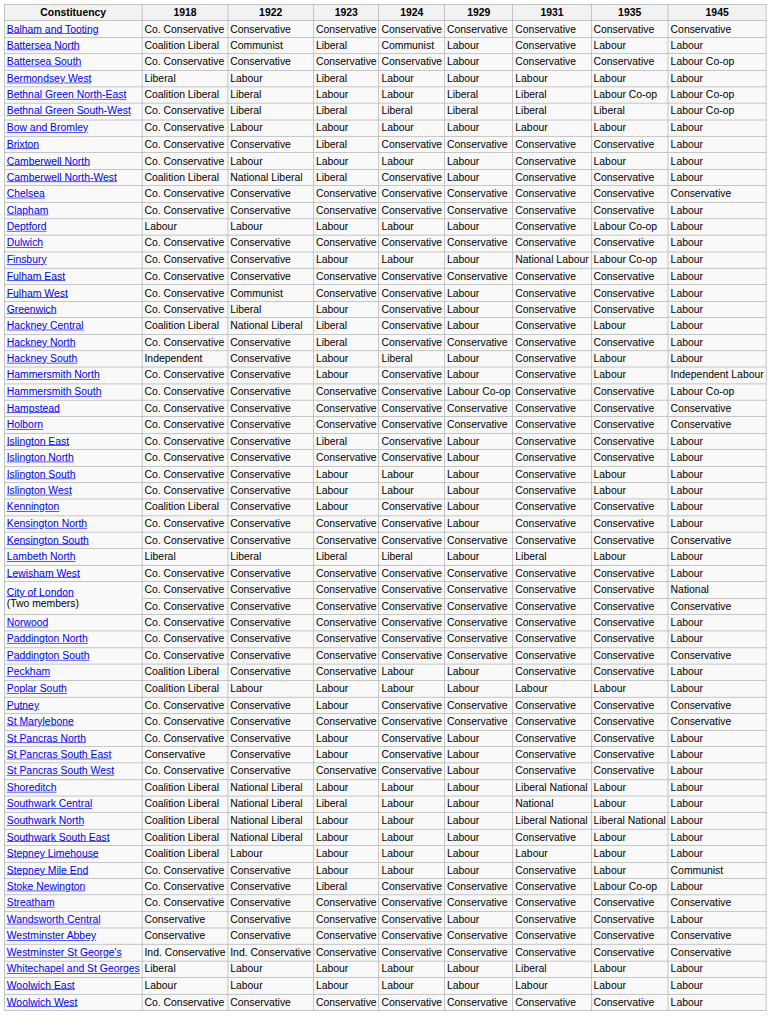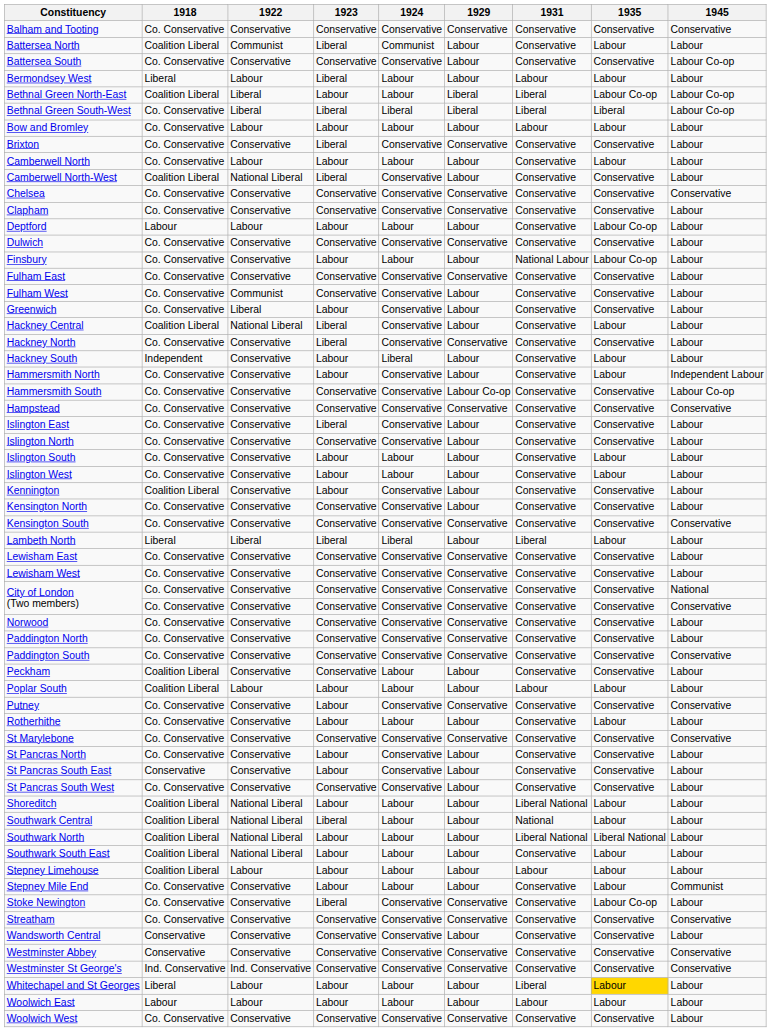 <table class="wikitable sortable">
 <tr>
 <th>Constituency</th>
 <th>1918</th>
 <th>1922</th>
 <th>1923</th>
 <th>1924</th>
 <th>1929</th>
 <th>1931</th>
 <th>1935</th>
 <th>1945</th>
 </tr>
 <tr>
 <td><a href='#'>Balham and Tooting</a></td>
 <td bgcolor=>Co. Conservative</td>
 <td bgcolor=>Conservative</td>
 <td bgcolor=>Conservative</td>
 <td bgcolor=>Conservative</td>
 <td bgcolor=>Conservative</td>
 <td bgcolor=>Conservative</td>
 <td bgcolor=>Conservative</td>
 <td bgcolor=>Conservative</td>
 </tr>
 <tr>
 <td><a href='#'>Battersea North</a></td>
 <td bgcolor=>Coalition Liberal</td>
 <td bgcolor=>Communist</td>
 <td bgcolor=>Liberal</td>
 <td bgcolor=>Communist</td>
 <td bgcolor=>Labour</td>
 <td bgcolor=>Conservative</td>
 <td bgcolor=>Labour</td>
 <td bgcolor=>Labour</td>
 </tr>
 <tr>
 <td><a href='#'>Battersea South</a></td>
 <td bgcolor=>Co. Conservative</td>
 <td bgcolor=>Conservative</td>
 <td bgcolor=>Conservative</td>
 <td bgcolor=>Conservative</td>
 <td bgcolor=>Labour</td>
 <td bgcolor=>Conservative</td>
 <td bgcolor=>Conservative</td>
 <td bgcolor=>Labour Co-op</td>
 </tr>
 <tr>
 <td><a href='#'>Bermondsey West</a></td>
 <td bgcolor=>Liberal</td>
 <td bgcolor=>Labour</td>
 <td bgcolor=>Liberal</td>
 <td bgcolor=>Labour</td>
 <td bgcolor=>Labour</td>
 <td bgcolor=>Labour</td>
 <td bgcolor=>Labour</td>
 <td bgcolor=>Labour</td>
 </tr>
 <tr>
 <td><a href='#'>Bethnal Green North-East</a></td>
 <td bgcolor=>Coalition Liberal</td>
 <td bgcolor=>Liberal</td>
 <td bgcolor=>Labour</td>
 <td bgcolor=>Labour</td>
 <td bgcolor=>Liberal</td>
 <td bgcolor=>Liberal</td>
 <td bgcolor=>Labour Co-op</td>
 <td bgcolor=>Labour Co-op</td>
 </tr>
 <tr>
 <td><a href='#'>Bethnal Green South-West</a></td>
 <td bgcolor=>Co. Conservative</td>
 <td bgcolor=>Liberal</td>
 <td bgcolor=>Liberal</td>
 <td bgcolor=>Liberal</td>
 <td bgcolor=>Liberal</td>
 <td bgcolor=>Liberal</td>
 <td bgcolor=>Liberal</td>
 <td bgcolor=>Labour Co-op</td>
 </tr>
 <tr>
 <td><a href='#'>Bow and Bromley</a></td>
 <td bgcolor=>Co. Conservative</td>
 <td bgcolor=>Labour</td>
 <td bgcolor=>Labour</td>
 <td bgcolor=>Labour</td>
 <td bgcolor=>Labour</td>
 <td bgcolor=>Labour</td>
 <td bgcolor=>Labour</td>
 <td bgcolor=>Labour</td>
 </tr>
 <tr>
 <td><a href='#'>Brixton</a></td>
 <td bgcolor=>Co. Conservative</td>
 <td bgcolor=>Conservative</td>
 <td bgcolor=>Liberal</td>
 <td bgcolor=>Conservative</td>
 <td bgcolor=>Conservative</td>
 <td bgcolor=>Conservative</td>
 <td bgcolor=>Conservative</td>
 <td bgcolor=>Labour</td>
 </tr>
 <tr>
 <td><a href='#'>Camberwell North</a></td>
 <td bgcolor=>Co. Conservative</td>
 <td bgcolor=>Labour</td>
 <td bgcolor=>Labour</td>
 <td bgcolor=>Labour</td>
 <td bgcolor=>Labour</td>
 <td bgcolor=>Conservative</td>
 <td bgcolor=>Labour</td>
 <td bgcolor=>Labour</td>
 </tr>
 <tr>
 <td><a href='#'>Camberwell North-West</a></td>
 <td bgcolor=>Coalition Liberal</td>
 <td bgcolor=>National Liberal</td>
 <td bgcolor=>Liberal</td>
 <td bgcolor=>Conservative</td>
 <td bgcolor=>Labour</td>
 <td bgcolor=>Conservative</td>
 <td bgcolor=>Conservative</td>
 <td bgcolor=>Labour</td>
 </tr>
 <tr>
 <td><a href='#'>Chelsea</a></td>
 <td bgcolor=>Co. Conservative</td>
 <td bgcolor=>Conservative</td>
 <td bgcolor=>Conservative</td>
 <td bgcolor=>Conservative</td>
 <td bgcolor=>Conservative</td>
 <td bgcolor=>Conservative</td>
 <td bgcolor=>Conservative</td>
 <td bgcolor=>Conservative</td>
 </tr>
 <tr>
 <td><a href='#'>Clapham</a></td>
 <td bgcolor=>Co. Conservative</td>
 <td bgcolor=>Conservative</td>
 <td bgcolor=>Conservative</td>
 <td bgcolor=>Conservative</td>
 <td bgcolor=>Conservative</td>
 <td bgcolor=>Conservative</td>
 <td bgcolor=>Conservative</td>
 <td bgcolor=>Labour</td>
 </tr>
 <tr>
 <td><a href='#'>Deptford</a></td>
 <td bgcolor=>Labour</td>
 <td bgcolor=>Labour</td>
 <td bgcolor=>Labour</td>
 <td bgcolor=>Labour</td>
 <td bgcolor=>Labour</td>
 <td bgcolor=>Conservative</td>
 <td bgcolor=>Labour Co-op</td>
 <td bgcolor=>Labour</td>
 </tr>
 <tr>
 <td><a href='#'>Dulwich</a></td>
 <td bgcolor=>Co. Conservative</td>
 <td bgcolor=>Conservative</td>
 <td bgcolor=>Conservative</td>
 <td bgcolor=>Conservative</td>
 <td bgcolor=>Conservative</td>
 <td bgcolor=>Conservative</td>
 <td bgcolor=>Conservative</td>
 <td bgcolor=>Labour</td>
 </tr>
 <tr>
 <td><a href='#'>Finsbury</a></td>
 <td bgcolor=>Co. Conservative</td>
 <td bgcolor=>Conservative</td>
 <td bgcolor=>Labour</td>
 <td bgcolor=>Labour</td>
 <td bgcolor=>Labour</td>
 <td bgcolor=>National Labour</td>
 <td bgcolor=>Labour Co-op</td>
 <td bgcolor=>Labour</td>
 </tr>
 <tr>
 <td><a href='#'>Fulham East</a></td>
 <td bgcolor=>Co. Conservative</td>
 <td bgcolor=>Conservative</td>
 <td bgcolor=>Conservative</td>
 <td bgcolor=>Conservative</td>
 <td bgcolor=>Conservative</td>
 <td bgcolor=>Conservative</td>
 <td bgcolor=>Conservative</td>
 <td bgcolor=>Labour</td>
 </tr>
 <tr>
 <td><a href='#'>Fulham West</a></td>
 <td bgcolor=>Co. Conservative</td>
 <td bgcolor=>Communist</td>
 <td bgcolor=>Conservative</td>
 <td bgcolor=>Conservative</td>
 <td bgcolor=>Labour</td>
 <td bgcolor=>Conservative</td>
 <td bgcolor=>Conservative</td>
 <td bgcolor=>Labour</td>
 </tr>
 <tr>
 <td><a href='#'>Greenwich</a></td>
 <td bgcolor=>Co. Conservative</td>
 <td bgcolor=>Liberal</td>
 <td bgcolor=>Labour</td>
 <td bgcolor=>Conservative</td>
 <td bgcolor=>Labour</td>
 <td bgcolor=>Conservative</td>
 <td bgcolor=>Conservative</td>
 <td bgcolor=>Labour</td>
 </tr>
 <tr>
 <td><a href='#'>Hackney Central</a></td>
 <td bgcolor=>Coalition Liberal</td>
 <td bgcolor=>National Liberal</td>
 <td bgcolor=>Liberal</td>
 <td bgcolor=>Conservative</td>
 <td bgcolor=>Labour</td>
 <td bgcolor=>Conservative</td>
 <td bgcolor=>Labour</td>
 <td bgcolor=>Labour</td>
 </tr>
 <tr>
 <td><a href='#'>Hackney North</a></td>
 <td bgcolor=>Co. Conservative</td>
 <td bgcolor=>Conservative</td>
 <td bgcolor=>Liberal</td>
 <td bgcolor=>Conservative</td>
 <td bgcolor=>Conservative</td>
 <td bgcolor=>Conservative</td>
 <td bgcolor=>Conservative</td>
 <td bgcolor=>Labour</td>
 </tr>
 <tr>
 <td><a href='#'>Hackney South</a></td>
 <td bgcolor=>Independent</td>
 <td bgcolor=>Conservative</td>
 <td bgcolor=>Labour</td>
 <td bgcolor=>Liberal</td>
 <td bgcolor=>Labour</td>
 <td bgcolor=>Conservative</td>
 <td bgcolor=>Labour</td>
 <td bgcolor=>Labour</td>
 </tr>
 <tr>
 <td><a href='#'>Hammersmith North</a></td>
 <td bgcolor=>Co. Conservative</td>
 <td bgcolor=>Conservative</td>
 <td bgcolor=>Labour</td>
 <td bgcolor=>Conservative</td>
 <td bgcolor=>Labour</td>
 <td bgcolor=>Conservative</td>
 <td bgcolor=>Labour</td>
 <td bgcolor=>Independent Labour</td>
 </tr>
 <tr>
 <td><a href='#'>Hammersmith South</a></td>
 <td bgcolor=>Co. Conservative</td>
 <td bgcolor=>Conservative</td>
 <td bgcolor=>Conservative</td>
 <td bgcolor=>Conservative</td>
 <td bgcolor=>Labour Co-op</td>
 <td bgcolor=>Conservative</td>
 <td bgcolor=>Conservative</td>
 <td bgcolor=>Labour Co-op</td>
 </tr>
 <tr>
 <td><a href='#'>Hampstead</a></td>
 <td bgcolor=>Co. Conservative</td>
 <td bgcolor=>Conservative</td>
 <td bgcolor=>Conservative</td>
 <td bgcolor=>Conservative</td>
 <td bgcolor=>Conservative</td>
 <td bgcolor=>Conservative</td>
 <td bgcolor=>Conservative</td>
 <td bgcolor=>Conservative</td>
 </tr>
 <tr>
-<td><a href='#'>Holborn</a></td>
-<td bgcolor=>Co. Conservative</td>
-<td bgcolor=>Conservative</td>
-<td bgcolor=>Conservative</td>
-<td bgcolor=>Conservative</td>
-<td bgcolor=>Conservative</td>
-<td bgcolor=>Conservative</td>
-<td bgcolor=>Conservative</td>
-<td bgcolor=>Conservative</td>
-</tr>
-<tr>
 <td><a href='#'>Islington East</a></td>
 <td bgcolor=>Co. Conservative</td>
 <td bgcolor=>Conservative</td>
 <td bgcolor=>Liberal</td>
 <td bgcolor=>Conservative</td>
 <td bgcolor=>Labour</td>
 <td bgcolor=>Conservative</td>
 <td bgcolor=>Conservative</td>
 <td bgcolor=>Labour</td>
 </tr>
 <tr>
 <td><a href='#'>Islington North</a></td>
 <td bgcolor=>Co. Conservative</td>
 <td bgcolor=>Conservative</td>
 <td bgcolor=>Conservative</td>
 <td bgcolor=>Conservative</td>
 <td bgcolor=>Labour</td>
 <td bgcolor=>Conservative</td>
 <td bgcolor=>Conservative</td>
 <td bgcolor=>Labour</td>
 </tr>
 <tr>
 <td><a href='#'>Islington South</a></td>
 <td bgcolor=>Co. Conservative</td>
 <td bgcolor=>Conservative</td>
 <td bgcolor=>Labour</td>
 <td bgcolor=>Labour</td>
 <td bgcolor=>Labour</td>
 <td bgcolor=>Conservative</td>
 <td bgcolor=>Labour</td>
 <td bgcolor=>Labour</td>
 </tr>
 <tr>
 <td><a href='#'>Islington West</a></td>
 <td bgcolor=>Co. Conservative</td>
 <td bgcolor=>Conservative</td>
 <td bgcolor=>Labour</td>
 <td bgcolor=>Labour</td>
 <td bgcolor=>Labour</td>
 <td bgcolor=>Conservative</td>
 <td bgcolor=>Labour</td>
 <td bgcolor=>Labour</td>
 </tr>
 <tr>
 <td><a href='#'>Kennington</a></td>
 <td bgcolor=>Coalition Liberal</td>
 <td bgcolor=>Conservative</td>
 <td bgcolor=>Labour</td>
 <td bgcolor=>Conservative</td>
 <td bgcolor=>Labour</td>
 <td bgcolor=>Conservative</td>
 <td bgcolor=>Conservative</td>
 <td bgcolor=>Labour</td>
 </tr>
 <tr>
 <td><a href='#'>Kensington North</a></td>
 <td bgcolor=>Co. Conservative</td>
 <td bgcolor=>Conservative</td>
 <td bgcolor=>Conservative</td>
 <td bgcolor=>Conservative</td>
 <td bgcolor=>Labour</td>
 <td bgcolor=>Conservative</td>
 <td bgcolor=>Conservative</td>
 <td bgcolor=>Labour</td>
 </tr>
 <tr>
 <td><a href='#'>Kensington South</a></td>
 <td bgcolor=>Co. Conservative</td>
 <td bgcolor=>Conservative</td>
 <td bgcolor=>Conservative</td>
 <td bgcolor=>Conservative</td>
 <td bgcolor=>Conservative</td>
 <td bgcolor=>Conservative</td>
 <td bgcolor=>Conservative</td>
 <td bgcolor=>Conservative</td>
 </tr>
 <tr>
 <td><a href='#'>Lambeth North</a></td>
 <td bgcolor=>Liberal</td>
 <td bgcolor=>Liberal</td>
 <td bgcolor=>Liberal</td>
 <td bgcolor=>Liberal</td>
 <td bgcolor=>Labour</td>
 <td bgcolor=>Liberal</td>
 <td bgcolor=>Labour</td>
+<td bgcolor=>Labour</td>
+</tr>
+<tr>
+<td><a href='#'>Lewisham East</a></td>
+<td bgcolor=>Co. Conservative</td>
+<td bgcolor=>Conservative</td>
+<td bgcolor=>Conservative</td>
+<td bgcolor=>Conservative</td>
+<td bgcolor=>Conservative</td>
+<td bgcolor=>Conservative</td>
+<td bgcolor=>Conservative</td>
 <td bgcolor=>Labour</td>
 </tr>
 <tr>
 <td><a href='#'>Lewisham West</a></td>
 <td bgcolor=>Co. Conservative</td>
 <td bgcolor=>Conservative</td>
 <td bgcolor=>Conservative</td>
 <td bgcolor=>Conservative</td>
 <td bgcolor=>Conservative</td>
 <td bgcolor=>Conservative</td>
 <td bgcolor=>Conservative</td>
 <td bgcolor=>Labour</td>
 </tr>
 <tr>
 <td rowspan="2"><a href='#'>City of London</a><br>(Two members)</td>
 <td bgcolor=>Co. Conservative</td>
 <td bgcolor=>Conservative</td>
 <td bgcolor=>Conservative</td>
 <td bgcolor=>Conservative</td>
 <td bgcolor=>Conservative</td>
 <td bgcolor=>Conservative</td>
 <td bgcolor=>Conservative</td>
 <td bgcolor=>National</td>
 </tr>
 <tr>
 <td bgcolor=>Co. Conservative</td>
 <td bgcolor=>Conservative</td>
 <td bgcolor=>Conservative</td>
 <td bgcolor=>Conservative</td>
 <td bgcolor=>Conservative</td>
 <td bgcolor=>Conservative</td>
 <td bgcolor=>Conservative</td>
 <td bgcolor=>Conservative</td>
 </tr>
 <tr>
 <td><a href='#'>Norwood</a></td>
 <td bgcolor=>Co. Conservative</td>
 <td bgcolor=>Conservative</td>
 <td bgcolor=>Conservative</td>
 <td bgcolor=>Conservative</td>
 <td bgcolor=>Conservative</td>
 <td bgcolor=>Conservative</td>
 <td bgcolor=>Conservative</td>
 <td bgcolor=>Labour</td>
 </tr>
 <tr>
 <td><a href='#'>Paddington North</a></td>
 <td bgcolor=>Co. Conservative</td>
 <td bgcolor=>Conservative</td>
 <td bgcolor=>Conservative</td>
 <td bgcolor=>Conservative</td>
 <td bgcolor=>Conservative</td>
 <td bgcolor=>Conservative</td>
 <td bgcolor=>Conservative</td>
 <td bgcolor=>Labour</td>
 </tr>
 <tr>
 <td><a href='#'>Paddington South</a></td>
 <td bgcolor=>Co. Conservative</td>
 <td bgcolor=>Conservative</td>
 <td bgcolor=>Conservative</td>
 <td bgcolor=>Conservative</td>
 <td bgcolor=>Conservative</td>
 <td bgcolor=>Conservative</td>
 <td bgcolor=>Conservative</td>
 <td bgcolor=>Conservative</td>
 </tr>
 <tr>
 <td><a href='#'>Peckham</a></td>
 <td bgcolor=>Coalition Liberal</td>
 <td bgcolor=>Conservative</td>
 <td bgcolor=>Conservative</td>
 <td bgcolor=>Labour</td>
 <td bgcolor=>Labour</td>
 <td bgcolor=>Conservative</td>
 <td bgcolor=>Conservative</td>
 <td bgcolor=>Labour</td>
 </tr>
 <tr>
 <td><a href='#'>Poplar South</a></td>
 <td bgcolor=>Coalition Liberal</td>
 <td bgcolor=>Labour</td>
 <td bgcolor=>Labour</td>
 <td bgcolor=>Labour</td>
 <td bgcolor=>Labour</td>
 <td bgcolor=>Labour</td>
 <td bgcolor=>Labour</td>
 <td bgcolor=>Labour</td>
 </tr>
 <tr>
 <td><a href='#'>Putney</a></td>
 <td bgcolor=>Co. Conservative</td>
 <td bgcolor=>Conservative</td>
 <td bgcolor=>Labour</td>
 <td bgcolor=>Conservative</td>
 <td bgcolor=>Conservative</td>
 <td bgcolor=>Conservative</td>
 <td bgcolor=>Conservative</td>
 <td bgcolor=>Conservative</td>
+</tr>
+<tr>
+<td><a href='#'>Rotherhithe</a></td>
+<td bgcolor=>Co. Conservative</td>
+<td bgcolor=>Conservative</td>
+<td bgcolor=>Labour</td>
+<td bgcolor=>Labour</td>
+<td bgcolor=>Labour</td>
+<td bgcolor=>Conservative</td>
+<td bgcolor=>Labour</td>
+<td bgcolor=>Labour</td>
 </tr>
 <tr>
 <td><a href='#'>St Marylebone</a></td>
 <td bgcolor=>Co. Conservative</td>
 <td bgcolor=>Conservative</td>
 <td bgcolor=>Conservative</td>
 <td bgcolor=>Conservative</td>
 <td bgcolor=>Conservative</td>
 <td bgcolor=>Conservative</td>
 <td bgcolor=>Conservative</td>
 <td bgcolor=>Conservative</td>
 </tr>
 <tr>
 <td><a href='#'>St Pancras North</a></td>
 <td bgcolor=>Co. Conservative</td>
 <td bgcolor=>Conservative</td>
 <td bgcolor=>Labour</td>
 <td bgcolor=>Conservative</td>
 <td bgcolor=>Labour</td>
 <td bgcolor=>Conservative</td>
 <td bgcolor=>Conservative</td>
 <td bgcolor=>Labour</td>
 </tr>
 <tr>
 <td><a href='#'>St Pancras South East</a></td>
 <td bgcolor=>Conservative</td>
 <td bgcolor=>Conservative</td>
 <td bgcolor=>Labour</td>
 <td bgcolor=>Conservative</td>
 <td bgcolor=>Labour</td>
 <td bgcolor=>Conservative</td>
 <td bgcolor=>Conservative</td>
 <td bgcolor=>Labour</td>
 </tr>
 <tr>
 <td><a href='#'>St Pancras South West</a></td>
 <td bgcolor=>Co. Conservative</td>
 <td bgcolor=>Conservative</td>
 <td bgcolor=>Conservative</td>
 <td bgcolor=>Conservative</td>
 <td bgcolor=>Labour</td>
 <td bgcolor=>Conservative</td>
 <td bgcolor=>Conservative</td>
 <td bgcolor=>Labour</td>
 </tr>
 <tr>
 <td><a href='#'>Shoreditch</a></td>
 <td bgcolor=>Coalition Liberal</td>
 <td bgcolor=>National Liberal</td>
 <td bgcolor=>Labour</td>
 <td bgcolor=>Labour</td>
 <td bgcolor=>Labour</td>
 <td bgcolor=>Liberal National</td>
 <td bgcolor=>Labour</td>
 <td bgcolor=>Labour</td>
 </tr>
 <tr>
 <td><a href='#'>Southwark Central</a></td>
 <td bgcolor=>Coalition Liberal</td>
 <td bgcolor=>National Liberal</td>
 <td bgcolor=>Liberal</td>
 <td bgcolor=>Labour</td>
 <td bgcolor=>Labour</td>
 <td bgcolor=>National</td>
 <td bgcolor=>Labour</td>
 <td bgcolor=>Labour</td>
 </tr>
 <tr>
 <td><a href='#'>Southwark North</a></td>
 <td bgcolor=>Coalition Liberal</td>
 <td bgcolor=>National Liberal</td>
 <td bgcolor=>Labour</td>
 <td bgcolor=>Labour</td>
 <td bgcolor=>Labour</td>
 <td bgcolor=>Liberal National</td>
 <td bgcolor=>Liberal National</td>
 <td bgcolor=>Labour</td>
 </tr>
 <tr>
 <td><a href='#'>Southwark South East</a></td>
 <td bgcolor=>Coalition Liberal</td>
 <td bgcolor=>National Liberal</td>
 <td bgcolor=>Labour</td>
 <td bgcolor=>Labour</td>
 <td bgcolor=>Labour</td>
 <td bgcolor=>Conservative</td>
 <td bgcolor=>Labour</td>
 <td bgcolor=>Labour</td>
 </tr>
 <tr>
 <td><a href='#'>Stepney Limehouse</a></td>
 <td bgcolor=>Coalition Liberal</td>
 <td bgcolor=>Labour</td>
 <td bgcolor=>Labour</td>
 <td bgcolor=>Labour</td>
 <td bgcolor=>Labour</td>
 <td bgcolor=>Labour</td>
 <td bgcolor=>Labour</td>
 <td bgcolor=>Labour</td>
 </tr>
 <tr>
 <td><a href='#'>Stepney Mile End</a></td>
 <td bgcolor=>Co. Conservative</td>
 <td bgcolor=>Conservative</td>
 <td bgcolor=>Labour</td>
 <td bgcolor=>Labour</td>
 <td bgcolor=>Labour</td>
 <td bgcolor=>Conservative</td>
 <td bgcolor=>Labour</td>
 <td bgcolor=>Communist</td>
 </tr>
 <tr>
 <td><a href='#'>Stoke Newington</a></td>
 <td bgcolor=>Co. Conservative</td>
 <td bgcolor=>Conservative</td>
 <td bgcolor=>Liberal</td>
 <td bgcolor=>Conservative</td>
 <td bgcolor=>Conservative</td>
 <td bgcolor=>Conservative</td>
 <td bgcolor=>Labour Co-op</td>
 <td bgcolor=>Labour</td>
 </tr>
 <tr>
 <td><a href='#'>Streatham</a></td>
 <td bgcolor=>Co. Conservative</td>
 <td bgcolor=>Conservative</td>
 <td bgcolor=>Conservative</td>
 <td bgcolor=>Conservative</td>
 <td bgcolor=>Conservative</td>
 <td bgcolor=>Conservative</td>
 <td bgcolor=>Conservative</td>
 <td bgcolor=>Conservative</td>
 </tr>
 <tr>
 <td><a href='#'>Wandsworth Central</a></td>
 <td bgcolor=>Conservative</td>
 <td bgcolor=>Conservative</td>
 <td bgcolor=>Conservative</td>
 <td bgcolor=>Conservative</td>
 <td bgcolor=>Labour</td>
 <td bgcolor=>Conservative</td>
 <td bgcolor=>Conservative</td>
 <td bgcolor=>Labour</td>
 </tr>
 <tr>
 <td><a href='#'>Westminster Abbey</a></td>
 <td>Conservative</td>
 <td>Conservative</td>
 <td>Conservative</td>
 <td>Conservative</td>
 <td>Conservative</td>
 <td>Conservative</td>
 <td>Conservative</td>
 <td>Conservative</td>
 </tr>
 <tr>
 <td><a href='#'>Westminster St George's</a></td>
 <td>Ind. Conservative</td>
 <td>Ind. Conservative</td>
 <td>Conservative</td>
 <td>Conservative</td>
 <td>Conservative</td>
 <td>Conservative</td>
 <td>Conservative</td>
 <td>Conservative</td>
 </tr>
 <tr>
 <td><a href='#'>Whitechapel and St Georges</a></td>
 <td>Liberal</td>
 <td>Labour</td>
 <td>Labour</td>
 <td>Labour</td>
 <td>Labour</td>
 <td>Liberal</td>
-<td>Labour</td>
+<td style="background: gold;">Labour</td>
 <td>Labour</td>
 </tr>
 <tr>
 <td><a href='#'>Woolwich East</a></td>
 <td>Labour</td>
 <td>Labour</td>
 <td>Labour</td>
 <td>Labour</td>
 <td>Labour</td>
 <td>Labour</td>
 <td>Labour</td>
 <td>Labour</td>
 </tr>
 <tr>
 <td><a href='#'>Woolwich West</a></td>
 <td>Co. Conservative</td>
 <td>Conservative</td>
 <td>Conservative</td>
 <td>Conservative</td>
 <td>Conservative</td>
 <td>Conservative</td>
 <td>Conservative</td>
 <td>Labour</td>
 </tr>
 </table>
